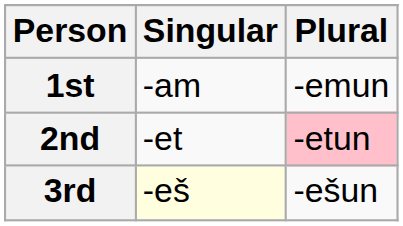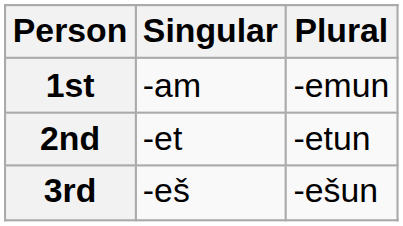 <table class="wikitable"?!>
 <tr>
 </tr>
 <tr>
 <th>Person</th>
 <th>Singular</th>
 <th>Plural</th>
 </tr>
 <tr>
 <th>1st</th>
 <td>-am </td>
 <td>-emun </td>
 </tr>
 <tr>
 <th>2nd</th>
 <td>-et </td>
-<td style="background: pink;">-etun </td>
+<td>-etun </td>
 </tr>
 <tr>
 <th>3rd</th>
-<td style="background: lightyellow;">-eš </td>
+<td>-eš </td>
 <td>-ešun </td>
 </tr>
 </table>
